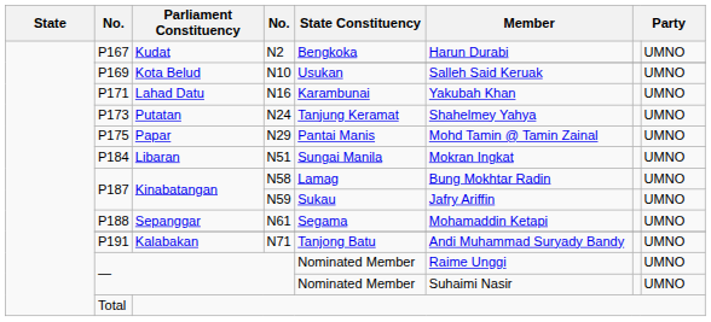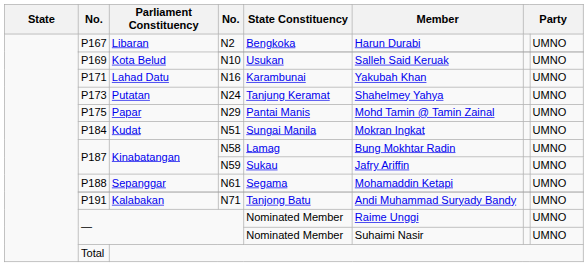 <table class ="wikitable sortable">
 <tr>
 <th style="width:100px;">State</th>
 <th style="width:30px;">No.</th>
 <th style="width:150px;">Parliament Constituency</th>
 <th style="width:30px;">No.</th>
 <th style="width:150px;">State Constituency</th>
 <th style="width:240px;">Member</th>
 <th style="width:80px;" colspan=6>Party</th>
 </tr>
 <tr>
 <td rowspan=18></td>
 <td>P167</td>
-<td><a href='#'>Kudat</a></td>
+<td><a href='#'>Libaran</a></td>
 <td>N2</td>
 <td><a href='#'>Bengkoka</a></td>
 <td><a href='#'>Harun Durabi</a></td>
 <td></td>
 <td>UMNO</td>
 </tr>
 <tr>
 <td rowspan="2">P169</td>
 <td rowspan="2"><a href='#'>Kota Belud</a></td>
 </tr>
 <tr>
 <td>N10</td>
 <td><a href='#'>Usukan</a></td>
 <td><a href='#'>Salleh Said Keruak</a></td>
 <td></td>
 <td>UMNO</td>
 </tr>
 <tr>
 <td>P171</td>
 <td><a href='#'>Lahad Datu</a></td>
 <td>N16</td>
 <td><a href='#'>Karambunai</a></td>
 <td><a href='#'>Yakubah Khan</a></td>
 <td></td>
 <td>UMNO</td>
 </tr>
 <tr>
 <td>P173</td>
 <td><a href='#'>Putatan</a></td>
 <td>N24</td>
 <td><a href='#'>Tanjung Keramat</a></td>
 <td><a href='#'>Shahelmey Yahya</a></td>
 <td></td>
 <td>UMNO</td>
 </tr>
 <tr>
 <td>P175</td>
 <td><a href='#'>Papar</a></td>
 <td>N29</td>
 <td><a href='#'>Pantai Manis</a></td>
 <td><a href='#'>Mohd Tamin @ Tamin Zainal</a></td>
 <td></td>
 <td>UMNO</td>
 </tr>
 <tr>
 <td>P184</td>
-<td><a href='#'>Libaran</a></td>
+<td><a href='#'>Kudat</a></td>
 <td>N51</td>
 <td><a href='#'>Sungai Manila</a></td>
 <td><a href='#'>Mokran Ingkat</a></td>
 <td></td>
 <td>UMNO</td>
 </tr>
 <tr>
 <td rowspan="2">P187</td>
 <td rowspan="2"><a href='#'>Kinabatangan</a></td>
 <td>N58</td>
 <td><a href='#'>Lamag</a></td>
 <td><a href='#'>Bung Mokhtar Radin</a></td>
 <td></td>
 <td>UMNO</td>
 </tr>
 <tr>
 <td>N59</td>
 <td><a href='#'>Sukau</a></td>
 <td><a href='#'>Jafry Ariffin</a></td>
 <td></td>
 <td>UMNO</td>
 </tr>
 <tr>
 <td>P188</td>
 <td><a href='#'>Sepanggar</a></td>
 <td>N61</td>
 <td><a href='#'>Segama</a></td>
 <td><a href='#'>Mohamaddin Ketapi</a></td>
 <td></td>
 <td>UMNO</td>
 </tr>
 <tr>
 </tr>
 <tr>
 <td>P191</td>
 <td><a href='#'>Kalabakan</a></td>
 <td>N71</td>
 <td><a href='#'>Tanjong Batu</a></td>
 <td><a href='#'>Andi Muhammad Suryady Bandy</a></td>
 <td></td>
 <td>UMNO</td>
 </tr>
 <tr>
 <td colspan="3" rowspan="2">—</td>
 <td>Nominated Member</td>
 <td><a href='#'>Raime Unggi</a></td>
 <td></td>
 <td>UMNO</td>
 </tr>
 <tr>
 <td>Nominated Member</td>
 <td>Suhaimi Nasir</td>
 <td></td>
 <td>UMNO</td>
 </tr>
 <tr>
 <td>Total</td>
 <td colspan="7"></td>
 </tr>
 </table>
